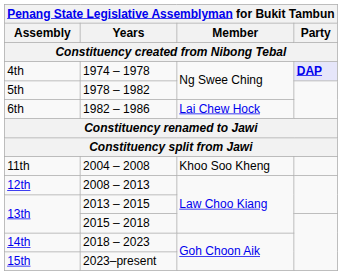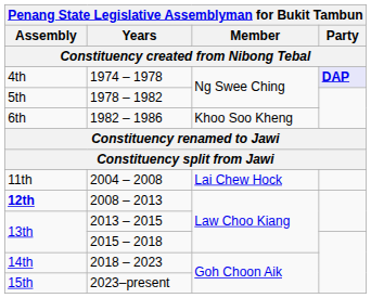 <table class="wikitable">
 <tr>
 <th colspan="4"><a href='#'>Penang State Legislative Assemblyman</a> for Bukit Tambun</th>
 </tr>
 <tr>
 <th>Assembly</th>
 <th>Years</th>
 <th>Member</th>
 <th>Party</th>
 </tr>
 <tr>
 <th colspan="4" align="center"><em>Constituency created from Nibong Tebal</em></th>
 </tr>
 <tr>
 <td>4th</td>
 <td>1974 – 1978</td>
 <td rowspan="2">Ng Swee Ching</td>
 <td style="background: lavender;"><strong><a href='#'>DAP</a></strong></td>
 </tr>
 <tr>
 <td>5th</td>
 <td>1978 – 1982</td>
 <td rowspan="2"></td>
 </tr>
 <tr>
 <td>6th</td>
 <td>1982 – 1986</td>
-<td><a href='#'>Lai Chew Hock</a></td>
+<td>Khoo Soo Kheng</td>
 </tr>
 <tr>
 <th colspan="4"><em>Constituency renamed to Jawi</em></th>
 </tr>
 <tr>
 <th colspan="4"><em>Constituency split from Jawi</em></th>
 </tr>
 <tr>
 <td>11th</td>
 <td>2004 – 2008</td>
-<td>Khoo Soo Kheng</td>
+<td><a href='#'>Lai Chew Hock</a></td>
 <td></td>
 </tr>
 <tr>
-<td><a href='#'>12th</a></td>
+<td><strong><a href='#'>12th</a></strong></td>
 <td>2008 – 2013</td>
 <td rowspan=3><a href='#'>Law Choo Kiang</a></td>
 <td rowspan=2></td>
 </tr>
 <tr>
 <td rowspan=2><a href='#'>13th</a></td>
 <td>2013 – 2015</td>
 </tr>
 <tr>
 <td>2015 – 2018</td>
 <td rowspan=3></td>
 </tr>
 <tr>
 <td><a href='#'>14th</a></td>
 <td>2018 – 2023</td>
 <td rowspan=2><a href='#'>Goh Choon Aik</a></td>
 </tr>
 <tr>
 <td><a href='#'>15th</a></td>
 <td>2023–present</td>
 </tr>
 </table>
